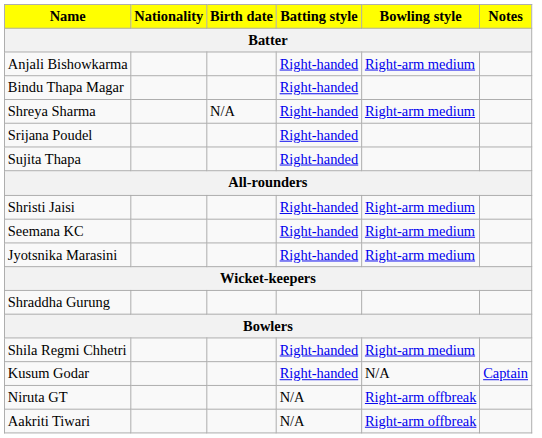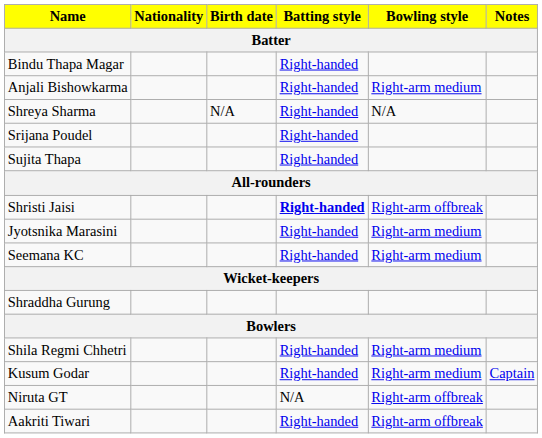 <table class="wikitable" style="font-size:95%;">
 <tr>
 <th style="background:Yellow; color:black; text-align:centre;">Name</th>
 <th style="background:Yellow; color:black; text-align:centre;">Nationality</th>
 <th style="background:Yellow; color:black; text-align:centre;">Birth date</th>
 <th style="background:Yellow; color:black; text-align:centre;">Batting style</th>
 <th style="background:Yellow; color:black; text-align:centre;">Bowling style</th>
 <th style="background:Yellow; color:black; text-align:centre;">Notes</th>
 </tr>
 <tr>
 <th colspan="6">Batter</th>
 </tr>
 <tr>
+<td>Bindu Thapa Magar</td>
+<td></td>
+<td></td>
+<td><a href='#'>Right-handed</a></td>
+<td></td>
+<td></td>
+</tr>
+<tr>
 <td>Anjali Bishowkarma</td>
 <td></td>
 <td></td>
 <td><a href='#'>Right-handed</a></td>
 <td><a href='#'>Right-arm medium</a></td>
 <td></td>
 </tr>
 <tr>
-<td>Bindu Thapa Magar</td>
-<td></td>
-<td></td>
-<td><a href='#'>Right-handed</a></td>
-<td></td>
-<td></td>
-</tr>
-<tr>
 <td>Shreya Sharma</td>
 <td></td>
 <td>N/A</td>
 <td><a href='#'>Right-handed</a></td>
-<td><a href='#'>Right-arm medium</a></td>
+<td>N/A</td>
 <td></td>
 </tr>
 <tr>
 <td>Srijana Poudel</td>
 <td></td>
 <td></td>
 <td><a href='#'>Right-handed</a></td>
 <td></td>
 <td></td>
 </tr>
 <tr>
 <td>Sujita Thapa</td>
 <td></td>
 <td></td>
 <td><a href='#'>Right-handed</a></td>
 <td></td>
 <td></td>
 </tr>
 <tr>
 <th colspan="6">All-rounders</th>
 </tr>
 <tr>
 <td>Shristi Jaisi</td>
 <td></td>
 <td></td>
-<td><a href='#'>Right-handed</a></td>
-<td><a href='#'>Right-arm medium</a></td>
+<td><strong><a href='#'>Right-handed</a></strong></td>
+<td><a href='#'>Right-arm offbreak</a></td>
 <td></td>
 </tr>
 <tr>
-<td>Seemana KC</td>
+<td>Jyotsnika Marasini</td>
 <td></td>
 <td></td>
 <td><a href='#'>Right-handed</a></td>
 <td><a href='#'>Right-arm medium</a></td>
 <td></td>
 </tr>
 <tr>
-<td>Jyotsnika Marasini</td>
+<td>Seemana KC</td>
 <td></td>
 <td></td>
 <td><a href='#'>Right-handed</a></td>
 <td><a href='#'>Right-arm medium</a></td>
 <td></td>
 </tr>
 <tr>
 <th colspan="6">Wicket-keepers</th>
 </tr>
 <tr>
 <td>Shraddha Gurung</td>
 <td></td>
 <td></td>
 <td></td>
 <td></td>
 <td></td>
 </tr>
 <tr>
 <th colspan="6">Bowlers</th>
 </tr>
 <tr>
 <td>Shila Regmi Chhetri</td>
 <td></td>
 <td></td>
 <td><a href='#'>Right-handed</a></td>
 <td><a href='#'>Right-arm medium</a></td>
 <td></td>
 </tr>
 <tr>
 <td>Kusum Godar</td>
 <td></td>
 <td></td>
 <td><a href='#'>Right-handed</a></td>
-<td>N/A</td>
+<td><a href='#'>Right-arm medium</a></td>
 <td><a href='#'>Captain</a></td>
 </tr>
 <tr>
 <td>Niruta GT</td>
 <td></td>
 <td></td>
 <td>N/A</td>
 <td><a href='#'>Right-arm offbreak</a></td>
 <td></td>
 </tr>
 <tr>
 <td>Aakriti Tiwari</td>
 <td></td>
 <td></td>
-<td>N/A</td>
+<td><a href='#'>Right-handed</a></td>
 <td><a href='#'>Right-arm offbreak</a></td>
 <td></td>
 </tr>
 </table>
